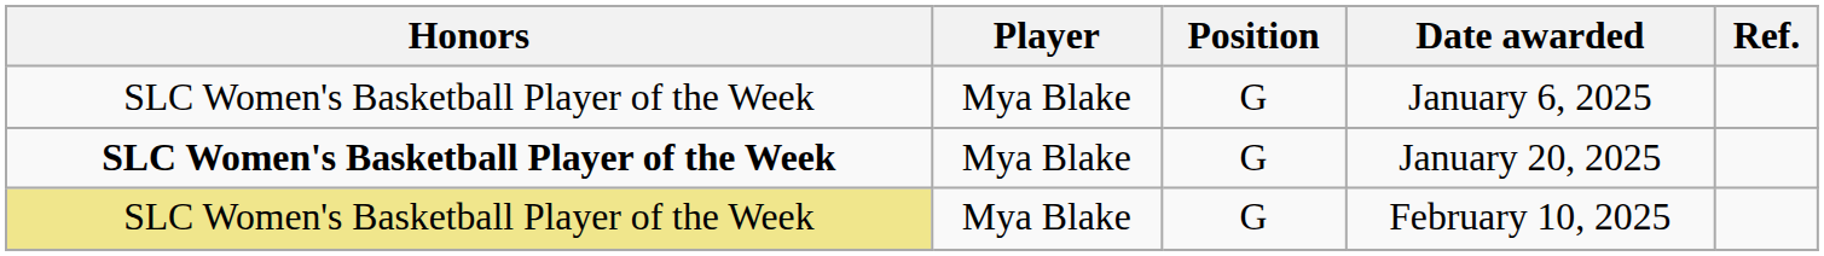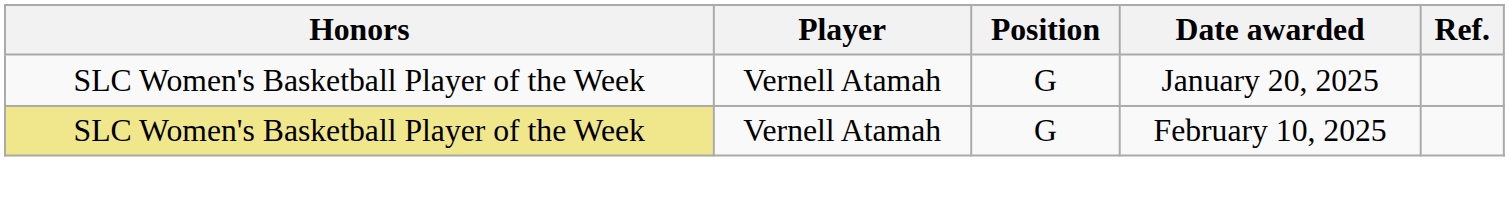 <table class="wikitable" style="width: 60%;text-align: center;">
 <tr>
 <th>Honors</th>
 <th>Player</th>
 <th>Position</th>
 <th>Date awarded</th>
 <th>Ref.</th>
 </tr>
 <tr align="center">
 <td rowspan="1">SLC Women's Basketball Player of the Week</td>
-<td>Mya Blake</td>
-<td>G</td>
-<td>January 6, 2025</td>
-<td></td>
-</tr>
-<tr align="center">
-<td rowspan="1"><strong>SLC Women's Basketball Player of the Week</strong></td>
-<td>Mya Blake</td>
+<td>Vernell Atamah</td>
 <td>G</td>
 <td>January 20, 2025</td>
 <td></td>
 </tr>
 <tr align="center">
 <td rowspan="1" style="background: khaki;">SLC Women's Basketball Player of the Week</td>
-<td>Mya Blake</td>
+<td>Vernell Atamah</td>
 <td>G</td>
 <td>February 10, 2025</td>
 <td></td>
 </tr>
 </table>
